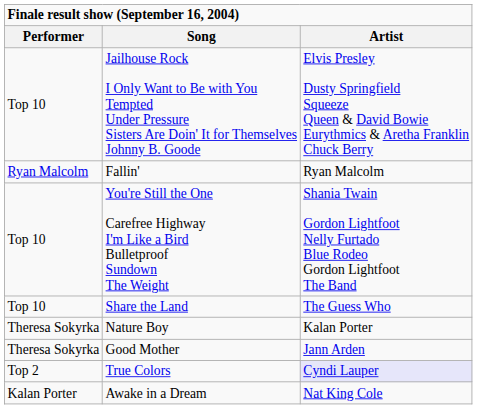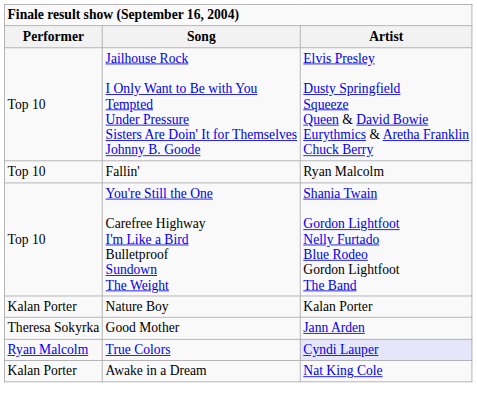 <table class="wikitable">
 <tr>
 <td colspan=3><strong>Finale result show (September 16, 2004)</strong></td>
 </tr>
 <tr>
 <th>Performer</th>
 <th>Song</th>
 <th>Artist</th>
 </tr>
 <tr>
 <td>Top 10</td>
 <td><a href='#'>Jailhouse Rock</a><br><br><a href='#'>I Only Want to Be with You</a><br> <a href='#'>Tempted</a><br> <a href='#'>Under Pressure</a><br> <a href='#'>Sisters Are Doin' It for Themselves</a><br> <a href='#'>Johnny B. Goode</a></td>
 <td><a href='#'>Elvis Presley</a><br><br><a href='#'>Dusty Springfield</a><br> <a href='#'>Squeeze</a><br> <a href='#'>Queen</a> & <a href='#'>David Bowie</a><br> <a href='#'>Eurythmics</a> & <a href='#'>Aretha Franklin</a><br> <a href='#'>Chuck Berry</a></td>
 </tr>
 <tr>
-<td><a href='#'>Ryan Malcolm</a></td>
+<td>Top 10</td>
 <td>Fallin'</td>
 <td>Ryan Malcolm</td>
 </tr>
 <tr>
 <td>Top 10</td>
 <td><a href='#'>You're Still the One</a><br><br>Carefree Highway<br> <a href='#'>I'm Like a Bird</a><br> Bulletproof<br> <a href='#'>Sundown</a><br> <a href='#'>The Weight</a></td>
 <td><a href='#'>Shania Twain</a><br><br><a href='#'>Gordon Lightfoot</a><br> <a href='#'>Nelly Furtado</a><br> <a href='#'>Blue Rodeo</a><br> Gordon Lightfoot<br> <a href='#'>The Band</a></td>
 </tr>
 <tr>
-<td>Top 10</td>
-<td><a href='#'>Share the Land</a></td>
-<td><a href='#'>The Guess Who</a></td>
-</tr>
-<tr>
-<td>Theresa Sokyrka</td>
+<td>Kalan Porter</td>
 <td>Nature Boy</td>
 <td>Kalan Porter</td>
 </tr>
 <tr>
 <td>Theresa Sokyrka</td>
 <td>Good Mother</td>
 <td><a href='#'>Jann Arden</a></td>
 </tr>
 <tr>
-<td>Top 2</td>
+<td><a href='#'>Ryan Malcolm</a></td>
 <td><a href='#'>True Colors</a></td>
 <td style="background: lavender;"><a href='#'>Cyndi Lauper</a></td>
 </tr>
 <tr>
 <td>Kalan Porter</td>
 <td>Awake in a Dream</td>
 <td><a href='#'>Nat King Cole</a></td>
 </tr>
 </table>
